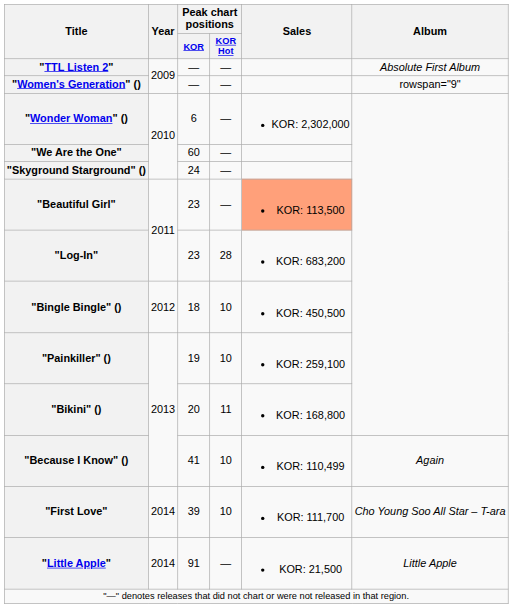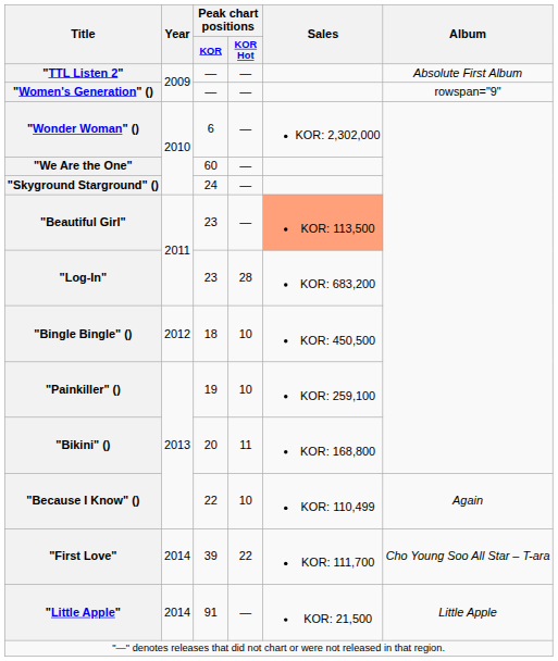 <table class="wikitable plainrowheaders" style="text-align:center;">
 <tr>
 <th rowspan="2" scope="col">Title</th>
 <th rowspan="2" scope="col">Year</th>
 <th colspan="2" scope="col">Peak chart positions</th>
 <th rowspan="2">Sales</th>
 <th rowspan="2" scope="col">Album</th>
 </tr>
 <tr>
 <th scope="col" style="width:3em;font-size:85%"><a href='#'>KOR</a><br></th>
 <th scope="col" style="width:3em;font-size:85%"><a href='#'>KOR Hot</a><br></th>
 </tr>
 <tr>
 <th scope="row">"<a href='#'>TTL Listen 2</a>" </th>
 <td rowspan="2">2009</td>
 <td>—</td>
 <td>—</td>
 <td></td>
 <td><em>Absolute First Album</em></td>
 </tr>
 <tr>
 <th scope="row">"<a href='#'>Women's Generation</a>" ()<br></th>
 <td>—</td>
 <td>—</td>
 <td></td>
 <td>rowspan="9" </td>
 </tr>
 <tr>
 <th scope="row">"<a href='#'>Wonder Woman</a>" ()<br></th>
 <td rowspan="3">2010</td>
 <td>6</td>
 <td>—</td>
 <td><br><ul><li>KOR: 2,302,000</li></ul></td>
 </tr>
 <tr>
 <th scope="row">"We Are the One"</th>
 <td>60</td>
 <td>—</td>
 <td></td>
 </tr>
 <tr>
 <th scope="row">"Skyground Starground" ()</th>
 <td>24</td>
 <td>—</td>
 <td></td>
 </tr>
 <tr>
 <th scope="row">"Beautiful Girl"</th>
 <td rowspan="2">2011</td>
 <td>23</td>
 <td>—</td>
 <td style="background: lightsalmon;"><br><ul><li>KOR: 113,500</li></ul></td>
 </tr>
 <tr>
 <th scope="row">"Log-In"</th>
 <td>23</td>
 <td>28</td>
 <td><br><ul><li>KOR: 683,200</li></ul></td>
 </tr>
 <tr>
 <th scope="row">"Bingle Bingle" ()</th>
 <td>2012</td>
 <td>18</td>
 <td>10</td>
 <td><br><ul><li>KOR: 450,500</li></ul></td>
 </tr>
 <tr>
 <th scope="row">"Painkiller" ()<br></th>
 <td rowspan="3">2013</td>
 <td>19</td>
 <td>10</td>
 <td><br><ul><li>KOR: 259,100</li></ul></td>
 </tr>
 <tr>
 <th scope="row">"Bikini" ()<br></th>
 <td>20</td>
 <td>11</td>
 <td><br><ul><li>KOR: 168,800</li></ul></td>
 </tr>
 <tr>
 <th scope="row">"Because I Know" ()</th>
-<td>41</td>
+<td>22</td>
 <td>10</td>
 <td><br><ul><li>KOR: 110,499</li></ul></td>
 <td><em>Again</em></td>
 </tr>
 <tr>
 <th scope="row">"First Love"<br></th>
 <td>2014</td>
 <td>39</td>
-<td>10</td>
+<td>22</td>
 <td><br><ul><li>KOR: 111,700</li></ul></td>
 <td><em>Cho Young Soo All Star – T-ara</em></td>
 </tr>
 <tr>
 <th scope="row">"<a href='#'>Little Apple</a>"<br></th>
 <td>2014</td>
 <td>91</td>
 <td>—</td>
 <td><br><ul><li>KOR: 21,500</li></ul></td>
 <td><em>Little Apple</em></td>
 </tr>
 <tr>
 <td colspan="6" style="font-size:85%">"—" denotes releases that did not chart or were not released in that region.</td>
 </tr>
 </table>
